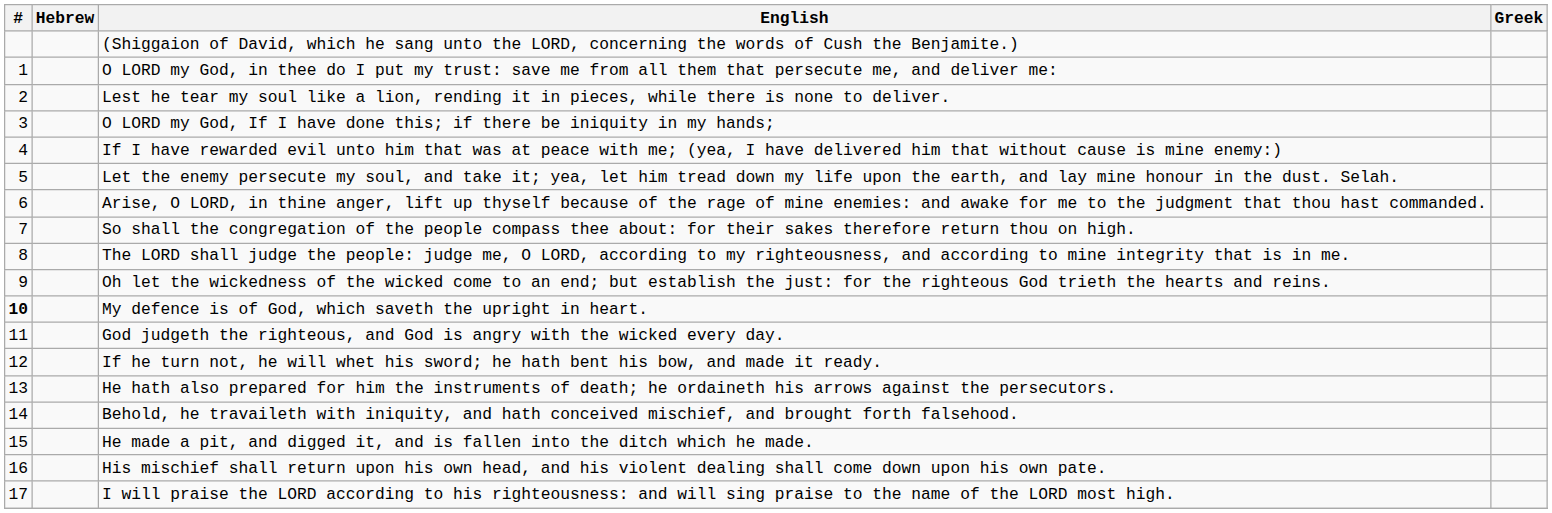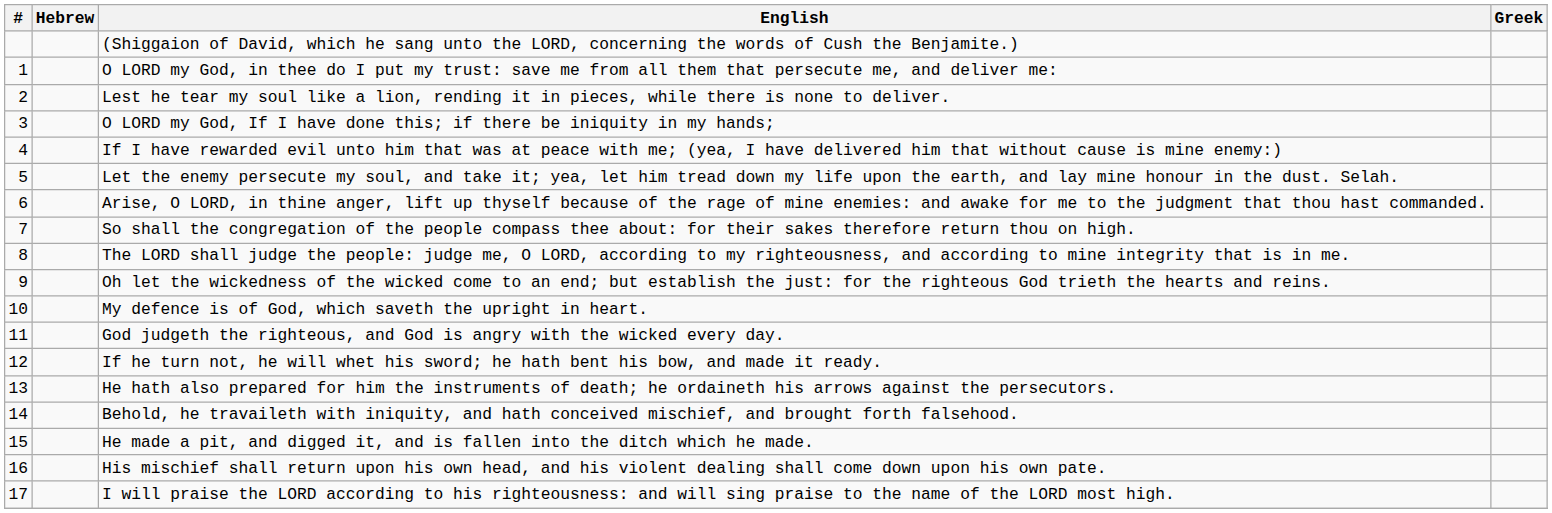 <table class=wikitable>
 <tr>
 <th>#</th>
 <th>Hebrew</th>
 <th>English</th>
 <th>Greek</th>
 </tr>
 <tr>
 <td style="text-align:right"></td>
 <td style="text-align:right"></td>
 <td>(Shiggaion of David, which he sang unto the LORD, concerning the words of Cush the Benjamite.)</td>
 <td></td>
 </tr>
 <tr>
 <td style="text-align:right">1</td>
 <td style="text-align:right"></td>
 <td>O LORD my God, in thee do I put my trust: save me from all them that persecute me, and deliver me:</td>
 <td></td>
 </tr>
 <tr>
 <td style="text-align:right">2</td>
 <td style="text-align:right"></td>
 <td>Lest he tear my soul like a lion, rending it in pieces, while there is none to deliver.</td>
 <td></td>
 </tr>
 <tr>
 <td style="text-align:right">3</td>
 <td style="text-align:right"></td>
 <td>O LORD my God, If I have done this; if there be iniquity in my hands;</td>
 <td></td>
 </tr>
 <tr>
 <td style="text-align:right">4</td>
 <td style="text-align:right"></td>
 <td>If I have rewarded evil unto him that was at peace with me; (yea, I have delivered him that without cause is mine enemy:)</td>
 <td></td>
 </tr>
 <tr>
 <td style="text-align:right">5</td>
 <td style="text-align:right"></td>
 <td>Let the enemy persecute my soul, and take it; yea, let him tread down my life upon the earth, and lay mine honour in the dust. Selah.</td>
 <td></td>
 </tr>
 <tr>
 <td style="text-align:right">6</td>
 <td style="text-align:right"></td>
 <td>Arise, O LORD, in thine anger, lift up thyself because of the rage of mine enemies: and awake for me to the judgment that thou hast commanded.</td>
 <td></td>
 </tr>
 <tr>
 <td style="text-align:right">7</td>
 <td style="text-align:right"></td>
 <td>So shall the congregation of the people compass thee about: for their sakes therefore return thou on high.</td>
 <td></td>
 </tr>
 <tr>
 <td style="text-align:right">8</td>
 <td style="text-align:right"></td>
 <td>The LORD shall judge the people: judge me, O LORD, according to my righteousness, and according to mine integrity that is in me.</td>
 <td></td>
 </tr>
 <tr>
 <td style="text-align:right">9</td>
 <td style="text-align:right"></td>
 <td>Oh let the wickedness of the wicked come to an end; but establish the just: for the righteous God trieth the hearts and reins.</td>
 <td></td>
 </tr>
 <tr>
-<td style="text-align:right"><strong>10</strong></td>
+<td style="text-align:right">10</td>
 <td style="text-align:right"></td>
 <td>My defence is of God, which saveth the upright in heart.</td>
 <td></td>
 </tr>
 <tr>
 <td style="text-align:right">11</td>
 <td style="text-align:right"></td>
 <td>God judgeth the righteous, and God is angry with the wicked every day.</td>
 <td></td>
 </tr>
 <tr>
 <td style="text-align:right">12</td>
 <td style="text-align:right"></td>
 <td>If he turn not, he will whet his sword; he hath bent his bow, and made it ready.</td>
 <td></td>
 </tr>
 <tr>
 <td style="text-align:right">13</td>
 <td style="text-align:right"></td>
 <td>He hath also prepared for him the instruments of death; he ordaineth his arrows against the persecutors.</td>
 <td></td>
 </tr>
 <tr>
 <td style="text-align:right">14</td>
 <td style="text-align:right"></td>
 <td>Behold, he travaileth with iniquity, and hath conceived mischief, and brought forth falsehood.</td>
 <td></td>
 </tr>
 <tr>
 <td style="text-align:right">15</td>
 <td style="text-align:right"></td>
 <td>He made a pit, and digged it, and is fallen into the ditch which he made.</td>
 <td></td>
 </tr>
 <tr>
 <td style="text-align:right">16</td>
 <td style="text-align:right"></td>
 <td>His mischief shall return upon his own head, and his violent dealing shall come down upon his own pate.</td>
 <td></td>
 </tr>
 <tr>
 <td style="text-align:right">17</td>
 <td style="text-align:right"></td>
 <td>I will praise the LORD according to his righteousness: and will sing praise to the name of the LORD most high.</td>
 <td></td>
 </tr>
 <tr>
 </tr>
 </table>
